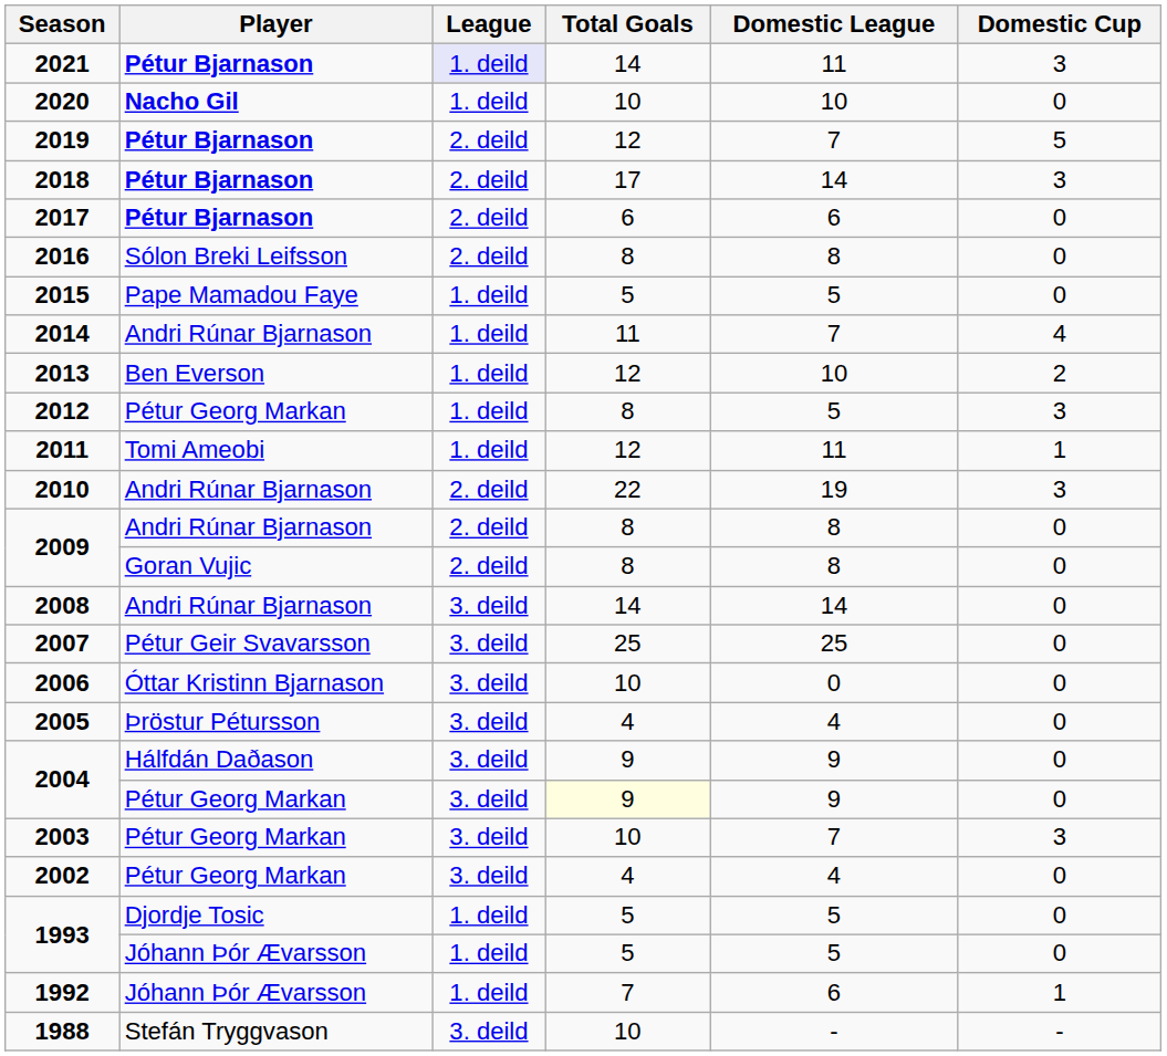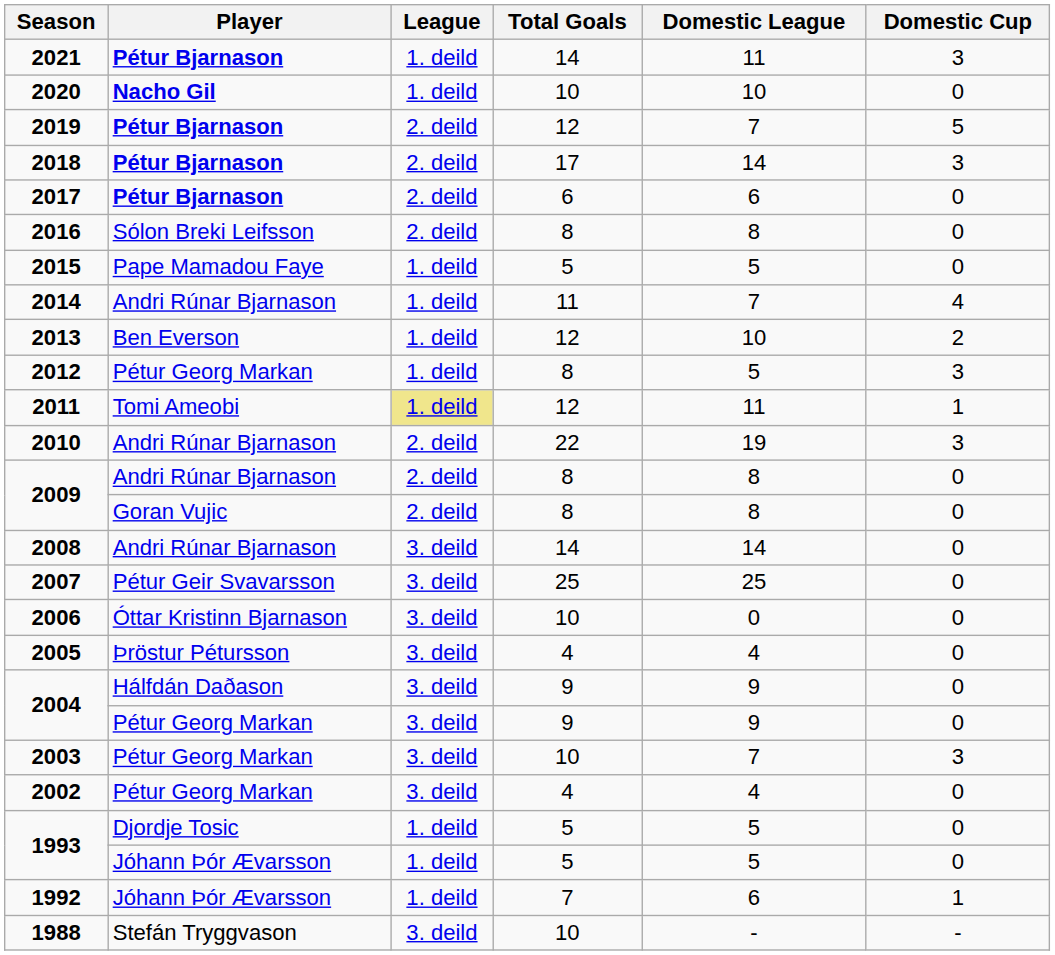 <table class="wikitable sortable" style="width:60%; align:center; text-align:center">
 <tr>
 <th>Season</th>
 <th class="unsortable">Player</th>
 <th>League</th>
 <th>Total Goals</th>
 <th>Domestic League</th>
 <th>Domestic Cup</th>
 </tr>
 <tr>
 <td><strong>2021</strong></td>
 <td align="left"> <strong><a href='#'>Pétur Bjarnason</a></strong></td>
-<td style="background: lavender;"><a href='#'>1. deild</a></td>
+<td><a href='#'>1. deild</a></td>
 <td>14</td>
 <td>11</td>
 <td>3</td>
 </tr>
 <tr>
 <td><strong>2020</strong></td>
 <td align="left"> <strong><a href='#'>Nacho Gil</a></strong></td>
 <td><a href='#'>1. deild</a></td>
 <td>10</td>
 <td>10</td>
 <td>0</td>
 </tr>
 <tr>
 <td><strong>2019</strong></td>
 <td align="left"> <strong><a href='#'>Pétur Bjarnason</a></strong></td>
 <td><a href='#'>2. deild</a></td>
 <td>12</td>
 <td>7</td>
 <td>5</td>
 </tr>
 <tr>
 <td><strong>2018</strong></td>
 <td align="left"> <strong><a href='#'>Pétur Bjarnason</a></strong></td>
 <td><a href='#'>2. deild</a></td>
 <td>17</td>
 <td>14</td>
 <td>3</td>
 </tr>
 <tr>
 <td><strong>2017</strong></td>
 <td align="left"> <strong><a href='#'>Pétur Bjarnason</a></strong></td>
 <td><a href='#'>2. deild</a></td>
 <td>6</td>
 <td>6</td>
 <td>0</td>
 </tr>
 <tr>
 <td><strong>2016</strong></td>
 <td align="left"> <a href='#'>Sólon Breki Leifsson</a></td>
 <td><a href='#'>2. deild</a></td>
 <td>8</td>
 <td>8</td>
 <td>0</td>
 </tr>
 <tr>
 <td><strong>2015</strong></td>
 <td align="left"> <a href='#'>Pape Mamadou Faye</a></td>
 <td><a href='#'>1. deild</a></td>
 <td>5</td>
 <td>5</td>
 <td>0</td>
 </tr>
 <tr>
 <td><strong>2014</strong></td>
 <td align="left"> <a href='#'>Andri Rúnar Bjarnason</a></td>
 <td><a href='#'>1. deild</a></td>
 <td>11</td>
 <td>7</td>
 <td>4</td>
 </tr>
 <tr>
 <td><strong>2013</strong></td>
 <td align="left"> <a href='#'>Ben Everson</a></td>
 <td><a href='#'>1. deild</a></td>
 <td>12</td>
 <td>10</td>
 <td>2</td>
 </tr>
 <tr>
 <td><strong>2012</strong></td>
 <td align="left"> <a href='#'>Pétur Georg Markan</a></td>
 <td><a href='#'>1. deild</a></td>
 <td>8</td>
 <td>5</td>
 <td>3</td>
 </tr>
 <tr>
 <td><strong>2011</strong></td>
 <td align="left"> <a href='#'>Tomi Ameobi</a></td>
-<td><a href='#'>1. deild</a></td>
+<td style="background: khaki;"><a href='#'>1. deild</a></td>
 <td>12</td>
 <td>11</td>
 <td>1</td>
 </tr>
 <tr>
 <td><strong>2010</strong></td>
 <td align="left"> <a href='#'>Andri Rúnar Bjarnason</a></td>
 <td><a href='#'>2. deild</a></td>
 <td>22</td>
 <td>19</td>
 <td>3</td>
 </tr>
 <tr>
 <td rowspan=2><strong>2009</strong></td>
 <td align="left"> <a href='#'>Andri Rúnar Bjarnason</a></td>
 <td><a href='#'>2. deild</a></td>
 <td>8</td>
 <td>8</td>
 <td>0</td>
 </tr>
 <tr>
 <td align="left"> <a href='#'>Goran Vujic</a></td>
 <td><a href='#'>2. deild</a></td>
 <td>8</td>
 <td>8</td>
 <td>0</td>
 </tr>
 <tr>
 <td><strong>2008</strong></td>
 <td align="left"> <a href='#'>Andri Rúnar Bjarnason</a></td>
 <td><a href='#'>3. deild</a></td>
 <td>14</td>
 <td>14</td>
 <td>0</td>
 </tr>
 <tr>
 <td><strong>2007</strong></td>
 <td align="left"> <a href='#'>Pétur Geir Svavarsson</a></td>
 <td><a href='#'>3. deild</a></td>
 <td>25</td>
 <td>25</td>
 <td>0</td>
 </tr>
 <tr>
 <td><strong>2006</strong></td>
 <td align="left"> <a href='#'>Óttar Kristinn Bjarnason</a></td>
 <td><a href='#'>3. deild</a></td>
 <td>10</td>
 <td>0</td>
 <td>0</td>
 </tr>
 <tr>
 <td><strong>2005</strong></td>
 <td align="left"> <a href='#'>Þröstur Pétursson</a></td>
 <td><a href='#'>3. deild</a></td>
 <td>4</td>
 <td>4</td>
 <td>0</td>
 </tr>
 <tr>
 <td rowspan=2><strong>2004</strong></td>
 <td align="left"> <a href='#'>Hálfdán Daðason</a></td>
 <td><a href='#'>3. deild</a></td>
 <td>9</td>
 <td>9</td>
 <td>0</td>
 </tr>
 <tr>
 <td align="left"> <a href='#'>Pétur Georg Markan</a></td>
 <td><a href='#'>3. deild</a></td>
-<td style="background: lightyellow;">9</td>
+<td>9</td>
 <td>9</td>
 <td>0</td>
 </tr>
 <tr>
 <td><strong>2003</strong></td>
 <td align="left"> <a href='#'>Pétur Georg Markan</a></td>
 <td><a href='#'>3. deild</a></td>
 <td>10</td>
 <td>7</td>
 <td>3</td>
 </tr>
 <tr>
 <td><strong>2002</strong></td>
 <td align="left"> <a href='#'>Pétur Georg Markan</a></td>
 <td><a href='#'>3. deild</a></td>
 <td>4</td>
 <td>4</td>
 <td>0</td>
 </tr>
 <tr>
 <td rowspan=2><strong>1993</strong></td>
 <td align="left"> <a href='#'>Djordje Tosic</a></td>
 <td><a href='#'>1. deild</a></td>
 <td>5</td>
 <td>5</td>
 <td>0</td>
 </tr>
 <tr>
 <td align="left"> <a href='#'>Jóhann Þór Ævarsson</a></td>
 <td><a href='#'>1. deild</a></td>
 <td>5</td>
 <td>5</td>
 <td>0</td>
 </tr>
 <tr>
 <td><strong>1992</strong></td>
 <td align="left"> <a href='#'>Jóhann Þór Ævarsson</a></td>
 <td><a href='#'>1. deild</a></td>
 <td>7</td>
 <td>6</td>
 <td>1</td>
 </tr>
 <tr>
 <td><strong>1988</strong></td>
 <td align="left"> Stefán Tryggvason</td>
 <td><a href='#'>3. deild</a></td>
 <td>10</td>
 <td>-</td>
 <td>-</td>
 </tr>
 </table>
